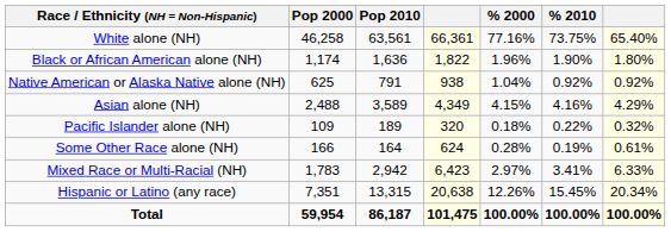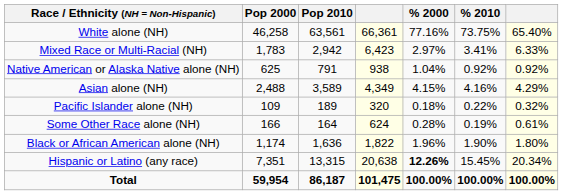 <table class="wikitable" style="text-align:center;">
 <tr>
 <th>Race / Ethnicity <small>(<em>NH = Non-Hispanic</em>)</small></th>
 <th>Pop 2000</th>
 <th>Pop 2010</th>
 <th></th>
 <th>% 2000</th>
 <th>% 2010</th>
 <th></th>
 </tr>
 <tr>
 <td><a href='#'>White</a> alone (NH)</td>
 <td>46,258</td>
 <td>63,561</td>
 <td style='background: #ffffe6;'>66,361</td>
 <td>77.16%</td>
 <td>73.75%</td>
 <td style='background: #ffffe6;'>65.40%</td>
 </tr>
 <tr>
-<td><a href='#'>Black or African American</a> alone (NH)</td>
-<td>1,174</td>
-<td>1,636</td>
-<td style='background: #ffffe6;'>1,822</td>
-<td>1.96%</td>
-<td>1.90%</td>
-<td style='background: #ffffe6;'>1.80%</td>
+<td><a href='#'>Mixed Race or Multi-Racial</a> (NH)</td>
+<td>1,783</td>
+<td>2,942</td>
+<td style='background: #ffffe6;'>6,423</td>
+<td>2.97%</td>
+<td>3.41%</td>
+<td style='background: #ffffe6;'>6.33%</td>
 </tr>
 <tr>
 <td><a href='#'>Native American</a> or <a href='#'>Alaska Native</a> alone (NH)</td>
 <td>625</td>
 <td>791</td>
 <td style='background: #ffffe6;'>938</td>
 <td>1.04%</td>
 <td>0.92%</td>
 <td style='background: #ffffe6;'>0.92%</td>
 </tr>
 <tr>
 <td><a href='#'>Asian</a> alone (NH)</td>
 <td>2,488</td>
 <td>3,589</td>
 <td style='background: #ffffe6;'>4,349</td>
 <td>4.15%</td>
 <td>4.16%</td>
 <td style='background: #ffffe6;'>4.29%</td>
 </tr>
 <tr>
 <td><a href='#'>Pacific Islander</a> alone (NH)</td>
 <td>109</td>
 <td>189</td>
 <td style='background: #ffffe6;'>320</td>
 <td>0.18%</td>
 <td>0.22%</td>
 <td style='background: #ffffe6;'>0.32%</td>
 </tr>
 <tr>
 <td><a href='#'>Some Other Race</a> alone (NH)</td>
 <td>166</td>
 <td>164</td>
 <td style='background: #ffffe6;'>624</td>
 <td>0.28%</td>
 <td>0.19%</td>
 <td style='background: #ffffe6;'>0.61%</td>
 </tr>
 <tr>
-<td><a href='#'>Mixed Race or Multi-Racial</a> (NH)</td>
-<td>1,783</td>
-<td>2,942</td>
-<td style='background: #ffffe6;'>6,423</td>
-<td>2.97%</td>
-<td>3.41%</td>
-<td style='background: #ffffe6;'>6.33%</td>
+<td><a href='#'>Black or African American</a> alone (NH)</td>
+<td>1,174</td>
+<td>1,636</td>
+<td style='background: #ffffe6;'>1,822</td>
+<td>1.96%</td>
+<td>1.90%</td>
+<td style='background: #ffffe6;'>1.80%</td>
 </tr>
 <tr>
 <td><a href='#'>Hispanic or Latino</a> (any race)</td>
 <td>7,351</td>
 <td>13,315</td>
 <td style='background: #ffffe6;'>20,638</td>
-<td>12.26%</td>
+<td><strong>12.26%</strong></td>
 <td>15.45%</td>
 <td style='background: #ffffe6;'>20.34%</td>
 </tr>
 <tr>
 <td><strong>Total</strong></td>
 <td><strong>59,954</strong></td>
 <td><strong>86,187</strong></td>
 <td style='background: #ffffe6;'><strong>101,475</strong></td>
 <td><strong>100.00%</strong></td>
 <td><strong>100.00%</strong></td>
 <td style='background: #ffffe6;'><strong>100.00%</strong></td>
 </tr>
 </table>
